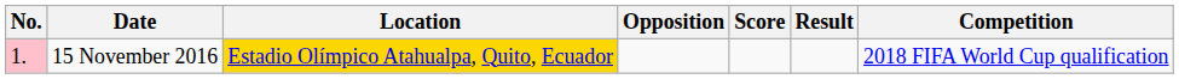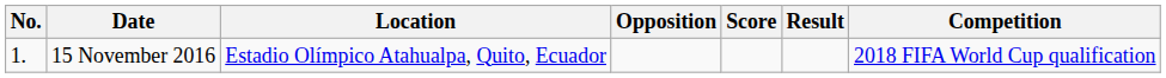 <table class="wikitable" style="text-align:left">
 <tr>
 <th>No.</th>
 <th>Date</th>
 <th>Location</th>
 <th>Opposition</th>
 <th>Score</th>
 <th>Result</th>
 <th>Competition</th>
 </tr>
 <tr>
-<td style="background: pink;">1.</td>
+<td>1.</td>
 <td>15 November 2016</td>
-<td style="background: gold;"><a href='#'>Estadio Olímpico Atahualpa</a>, <a href='#'>Quito</a>, <a href='#'>Ecuador</a></td>
+<td><a href='#'>Estadio Olímpico Atahualpa</a>, <a href='#'>Quito</a>, <a href='#'>Ecuador</a></td>
 <td></td>
 <td></td>
 <td rowspan=" 2"></td>
 <td rowspan=" 2"><a href='#'>2018 FIFA World Cup qualification</a></td>
 </tr>
 </table>
